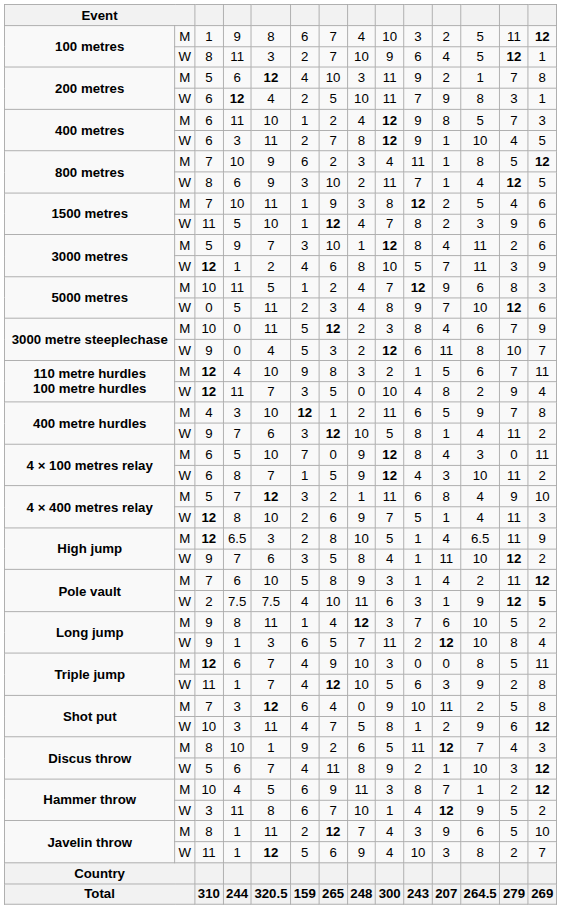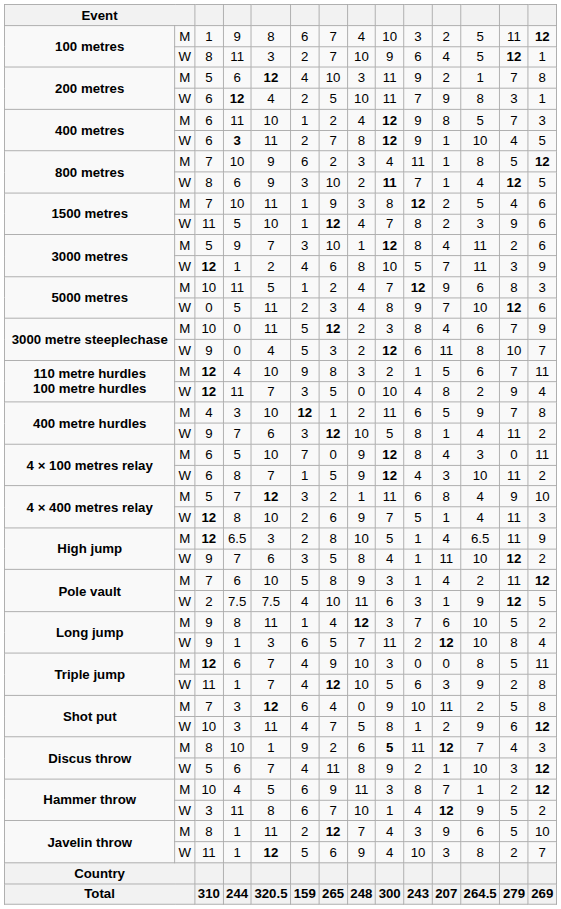 <table class="wikitable sortable" style="background-color: #f9f9f9; font-size: 90%; text-align: center">
 <tr>
 <th width=200 colspan=2>Event</th>
 <th></th>
 <th></th>
 <th></th>
 <th></th>
 <th></th>
 <th></th>
 <th></th>
 <th></th>
 <th></th>
 <th></th>
 <th></th>
 <th></th>
 </tr>
 <tr>
 <td rowspan=2><strong>100 metres</strong></td>
 <td>M</td>
 <td>1</td>
 <td>9</td>
 <td>8</td>
 <td>6</td>
 <td>7</td>
 <td>4</td>
 <td>10</td>
 <td>3</td>
 <td>2</td>
 <td>5</td>
 <td>11</td>
 <td><strong>12</strong></td>
 </tr>
 <tr>
 <td>W</td>
 <td>8</td>
 <td>11</td>
 <td>3</td>
 <td>2</td>
 <td>7</td>
 <td>10</td>
 <td>9</td>
 <td>6</td>
 <td>4</td>
 <td>5</td>
 <td><strong>12</strong></td>
 <td>1</td>
 </tr>
 <tr>
 <td rowspan=2><strong>200 metres</strong></td>
 <td>M</td>
 <td>5</td>
 <td>6</td>
 <td><strong>12</strong></td>
 <td>4</td>
 <td>10</td>
 <td>3</td>
 <td>11</td>
 <td>9</td>
 <td>2</td>
 <td>1</td>
 <td>7</td>
 <td>8</td>
 </tr>
 <tr>
 <td>W</td>
 <td>6</td>
 <td><strong>12</strong></td>
 <td>4</td>
 <td>2</td>
 <td>5</td>
 <td>10</td>
 <td>11</td>
 <td>7</td>
 <td>9</td>
 <td>8</td>
 <td>3</td>
 <td>1</td>
 </tr>
 <tr>
 <td rowspan=2><strong>400 metres</strong></td>
 <td>M</td>
 <td>6</td>
 <td>11</td>
 <td>10</td>
 <td>1</td>
 <td>2</td>
 <td>4</td>
 <td><strong>12</strong></td>
 <td>9</td>
 <td>8</td>
 <td>5</td>
 <td>7</td>
 <td>3</td>
 </tr>
 <tr>
 <td>W</td>
 <td>6</td>
-<td>3</td>
+<td><strong>3</strong></td>
 <td>11</td>
 <td>2</td>
 <td>7</td>
 <td>8</td>
 <td><strong>12</strong></td>
 <td>9</td>
 <td>1</td>
 <td>10</td>
 <td>4</td>
 <td>5</td>
 </tr>
 <tr>
 <td rowspan=2><strong>800 metres</strong></td>
 <td>M</td>
 <td>7</td>
 <td>10</td>
 <td>9</td>
 <td>6</td>
 <td>2</td>
 <td>3</td>
 <td>4</td>
 <td>11</td>
 <td>1</td>
 <td>8</td>
 <td>5</td>
 <td><strong>12</strong></td>
 </tr>
 <tr>
 <td>W</td>
 <td>8</td>
 <td>6</td>
 <td>9</td>
 <td>3</td>
 <td>10</td>
 <td>2</td>
-<td>11</td>
+<td><strong>11</strong></td>
 <td>7</td>
 <td>1</td>
 <td>4</td>
 <td><strong>12</strong></td>
 <td>5</td>
 </tr>
 <tr>
 <td rowspan=2><strong>1500 metres</strong></td>
 <td>M</td>
 <td>7</td>
 <td>10</td>
 <td>11</td>
 <td>1</td>
 <td>9</td>
 <td>3</td>
 <td>8</td>
 <td><strong>12</strong></td>
 <td>2</td>
 <td>5</td>
 <td>4</td>
 <td>6</td>
 </tr>
 <tr>
 <td>W</td>
 <td>11</td>
 <td>5</td>
 <td>10</td>
 <td>1</td>
 <td><strong>12</strong></td>
 <td>4</td>
 <td>7</td>
 <td>8</td>
 <td>2</td>
 <td>3</td>
 <td>9</td>
 <td>6</td>
 </tr>
 <tr>
 <td rowspan=2><strong>3000 metres</strong></td>
 <td>M</td>
 <td>5</td>
 <td>9</td>
 <td>7</td>
 <td>3</td>
 <td>10</td>
 <td>1</td>
 <td><strong>12</strong></td>
 <td>8</td>
 <td>4</td>
 <td>11</td>
 <td>2</td>
 <td>6</td>
 </tr>
 <tr>
 <td>W</td>
 <td><strong>12</strong></td>
 <td>1</td>
 <td>2</td>
 <td>4</td>
 <td>6</td>
 <td>8</td>
 <td>10</td>
 <td>5</td>
 <td>7</td>
 <td>11</td>
 <td>3</td>
 <td>9</td>
 </tr>
 <tr>
 <td rowspan=2><strong>5000 metres</strong></td>
 <td>M</td>
 <td>10</td>
 <td>11</td>
 <td>5</td>
 <td>1</td>
 <td>2</td>
 <td>4</td>
 <td>7</td>
 <td><strong>12</strong></td>
 <td>9</td>
 <td>6</td>
 <td>8</td>
 <td>3</td>
 </tr>
 <tr>
 <td>W</td>
 <td>0</td>
 <td>5</td>
 <td>11</td>
 <td>2</td>
 <td>3</td>
 <td>4</td>
 <td>8</td>
 <td>9</td>
 <td>7</td>
 <td>10</td>
 <td><strong>12</strong></td>
 <td>6</td>
 </tr>
 <tr>
 <td rowspan=2><strong>3000 metre steeplechase</strong></td>
 <td>M</td>
 <td>10</td>
 <td>0</td>
 <td>11</td>
 <td>5</td>
 <td><strong>12</strong></td>
 <td>2</td>
 <td>3</td>
 <td>8</td>
 <td>4</td>
 <td>6</td>
 <td>7</td>
 <td>9</td>
 </tr>
 <tr>
 <td>W</td>
 <td>9</td>
 <td>0</td>
 <td>4</td>
 <td>5</td>
 <td>3</td>
 <td>2</td>
 <td><strong>12</strong></td>
 <td>6</td>
 <td>11</td>
 <td>8</td>
 <td>10</td>
 <td>7</td>
 </tr>
 <tr>
 <td rowspan=2><strong>110 metre hurdles<br>100 metre hurdles</strong></td>
 <td>M</td>
 <td><strong>12</strong></td>
 <td>4</td>
 <td>10</td>
 <td>9</td>
 <td>8</td>
 <td>3</td>
 <td>2</td>
 <td>1</td>
 <td>5</td>
 <td>6</td>
 <td>7</td>
 <td>11</td>
 </tr>
 <tr>
 <td>W</td>
 <td><strong>12</strong></td>
 <td>11</td>
 <td>7</td>
 <td>3</td>
 <td>5</td>
 <td>0</td>
 <td>10</td>
 <td>4</td>
 <td>8</td>
 <td>2</td>
 <td>9</td>
 <td>4</td>
 </tr>
 <tr>
 <td rowspan=2><strong>400 metre hurdles</strong></td>
 <td>M</td>
 <td>4</td>
 <td>3</td>
 <td>10</td>
 <td><strong>12</strong></td>
 <td>1</td>
 <td>2</td>
 <td>11</td>
 <td>6</td>
 <td>5</td>
 <td>9</td>
 <td>7</td>
 <td>8</td>
 </tr>
 <tr>
 <td>W</td>
 <td>9</td>
 <td>7</td>
 <td>6</td>
 <td>3</td>
 <td><strong>12</strong></td>
 <td>10</td>
 <td>5</td>
 <td>8</td>
 <td>1</td>
 <td>4</td>
 <td>11</td>
 <td>2</td>
 </tr>
 <tr>
 <td rowspan=2><strong> 4 × 100 metres relay</strong></td>
 <td>M</td>
 <td>6</td>
 <td>5</td>
 <td>10</td>
 <td>7</td>
 <td>0</td>
 <td>9</td>
 <td><strong>12</strong></td>
 <td>8</td>
 <td>4</td>
 <td>3</td>
 <td>0</td>
 <td>11</td>
 </tr>
 <tr>
 <td>W</td>
 <td>6</td>
 <td>8</td>
 <td>7</td>
 <td>1</td>
 <td>5</td>
 <td>9</td>
 <td><strong>12</strong></td>
 <td>4</td>
 <td>3</td>
 <td>10</td>
 <td>11</td>
 <td>2</td>
 </tr>
 <tr>
 <td rowspan=2><strong>4 × 400 metres relay</strong></td>
 <td>M</td>
 <td>5</td>
 <td>7</td>
 <td><strong>12</strong></td>
 <td>3</td>
 <td>2</td>
 <td>1</td>
 <td>11</td>
 <td>6</td>
 <td>8</td>
 <td>4</td>
 <td>9</td>
 <td>10</td>
 </tr>
 <tr>
 <td>W</td>
 <td><strong>12</strong></td>
 <td>8</td>
 <td>10</td>
 <td>2</td>
 <td>6</td>
 <td>9</td>
 <td>7</td>
 <td>5</td>
 <td>1</td>
 <td>4</td>
 <td>11</td>
 <td>3</td>
 </tr>
 <tr>
 <td rowspan=2><strong>High jump</strong></td>
 <td>M</td>
 <td><strong>12</strong></td>
 <td>6.5</td>
 <td>3</td>
 <td>2</td>
 <td>8</td>
 <td>10</td>
 <td>5</td>
 <td>1</td>
 <td>4</td>
 <td>6.5</td>
 <td>11</td>
 <td>9</td>
 </tr>
 <tr>
 <td>W</td>
 <td>9</td>
 <td>7</td>
 <td>6</td>
 <td>3</td>
 <td>5</td>
 <td>8</td>
 <td>4</td>
 <td>1</td>
 <td>11</td>
 <td>10</td>
 <td><strong>12</strong></td>
 <td>2</td>
 </tr>
 <tr>
 <td rowspan=2><strong>Pole vault</strong></td>
 <td>M</td>
 <td>7</td>
 <td>6</td>
 <td>10</td>
 <td>5</td>
 <td>8</td>
 <td>9</td>
 <td>3</td>
 <td>1</td>
 <td>4</td>
 <td>2</td>
 <td>11</td>
 <td><strong>12</strong></td>
 </tr>
 <tr>
 <td>W</td>
 <td>2</td>
 <td>7.5</td>
 <td>7.5</td>
 <td>4</td>
 <td>10</td>
 <td>11</td>
 <td>6</td>
 <td>3</td>
 <td>1</td>
 <td>9</td>
 <td><strong>12</strong></td>
-<td><strong>5</strong></td>
+<td>5</td>
 </tr>
 <tr>
 <td rowspan=2><strong>Long jump</strong></td>
 <td>M</td>
 <td>9</td>
 <td>8</td>
 <td>11</td>
 <td>1</td>
 <td>4</td>
 <td><strong>12</strong></td>
 <td>3</td>
 <td>7</td>
 <td>6</td>
 <td>10</td>
 <td>5</td>
 <td>2</td>
 </tr>
 <tr>
 <td>W</td>
 <td>9</td>
 <td>1</td>
 <td>3</td>
 <td>6</td>
 <td>5</td>
 <td>7</td>
 <td>11</td>
 <td>2</td>
 <td><strong>12</strong></td>
 <td>10</td>
 <td>8</td>
 <td>4</td>
 </tr>
 <tr>
 <td rowspan=2><strong>Triple jump</strong></td>
 <td>M</td>
 <td><strong>12</strong></td>
 <td>6</td>
 <td>7</td>
 <td>4</td>
 <td>9</td>
 <td>10</td>
 <td>3</td>
 <td>0</td>
 <td>0</td>
 <td>8</td>
 <td>5</td>
 <td>11</td>
 </tr>
 <tr>
 <td>W</td>
 <td>11</td>
 <td>1</td>
 <td>7</td>
 <td>4</td>
 <td><strong>12</strong></td>
 <td>10</td>
 <td>5</td>
 <td>6</td>
 <td>3</td>
 <td>9</td>
 <td>2</td>
 <td>8</td>
 </tr>
 <tr>
 <td rowspan=2><strong>Shot put</strong></td>
 <td>M</td>
 <td>7</td>
 <td>3</td>
 <td><strong>12</strong></td>
 <td>6</td>
 <td>4</td>
 <td>0</td>
 <td>9</td>
 <td>10</td>
 <td>11</td>
 <td>2</td>
 <td>5</td>
 <td>8</td>
 </tr>
 <tr>
 <td>W</td>
 <td>10</td>
 <td>3</td>
 <td>11</td>
 <td>4</td>
 <td>7</td>
 <td>5</td>
 <td>8</td>
 <td>1</td>
 <td>2</td>
 <td>9</td>
 <td>6</td>
 <td><strong>12</strong></td>
 </tr>
 <tr>
 <td rowspan=2><strong>Discus throw</strong></td>
 <td>M</td>
 <td>8</td>
 <td>10</td>
 <td>1</td>
 <td>9</td>
 <td>2</td>
 <td>6</td>
-<td>5</td>
+<td><strong>5</strong></td>
 <td>11</td>
 <td><strong>12</strong></td>
 <td>7</td>
 <td>4</td>
 <td>3</td>
 </tr>
 <tr>
 <td>W</td>
 <td>5</td>
 <td>6</td>
 <td>7</td>
 <td>4</td>
 <td>11</td>
 <td>8</td>
 <td>9</td>
 <td>2</td>
 <td>1</td>
 <td>10</td>
 <td>3</td>
 <td><strong>12</strong></td>
 </tr>
 <tr>
 <td rowspan=2><strong>Hammer throw</strong></td>
 <td>M</td>
 <td>10</td>
 <td>4</td>
 <td>5</td>
 <td>6</td>
 <td>9</td>
 <td>11</td>
 <td>3</td>
 <td>8</td>
 <td>7</td>
 <td>1</td>
 <td>2</td>
 <td><strong>12</strong></td>
 </tr>
 <tr>
 <td>W</td>
 <td>3</td>
 <td>11</td>
 <td>8</td>
 <td>6</td>
 <td>7</td>
 <td>10</td>
 <td>1</td>
 <td>4</td>
 <td><strong>12</strong></td>
 <td>9</td>
 <td>5</td>
 <td>2</td>
 </tr>
 <tr>
 <td rowspan=2><strong>Javelin throw</strong></td>
 <td>M</td>
 <td>8</td>
 <td>1</td>
 <td>11</td>
 <td>2</td>
 <td><strong>12</strong></td>
 <td>7</td>
 <td>4</td>
 <td>3</td>
 <td>9</td>
 <td>6</td>
 <td>5</td>
 <td>10</td>
 </tr>
 <tr>
 <td>W</td>
 <td>11</td>
 <td>1</td>
 <td><strong>12</strong></td>
 <td>5</td>
 <td>6</td>
 <td>9</td>
 <td>4</td>
 <td>10</td>
 <td>3</td>
 <td>8</td>
 <td>2</td>
 <td>7</td>
 </tr>
 <tr>
 <th colspan=2>Country</th>
 <th></th>
 <th></th>
 <th></th>
 <th></th>
 <th></th>
 <th></th>
 <th></th>
 <th></th>
 <th></th>
 <th></th>
 <th></th>
 <th></th>
 </tr>
 <tr>
 <th colspan=2>Total</th>
 <th>310</th>
 <th>244</th>
 <th>320.5</th>
 <th>159</th>
 <th>265</th>
 <th>248</th>
 <th>300</th>
 <th>243</th>
 <th>207</th>
 <th>264.5</th>
 <th>279</th>
 <th>269</th>
 </tr>
 </table>
